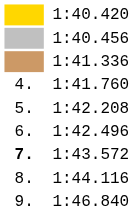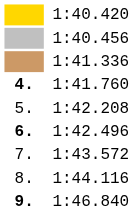 <table style="text-align:center">
 <tr>
 <td width=30 bgcolor=gold></td>
 <td align=left></td>
 <td width=60>1:40.420</td>
 </tr>
 <tr>
 <td bgcolor=silver></td>
 <td align=left></td>
 <td>1:40.456</td>
 </tr>
 <tr>
 <td bgcolor=cc9966></td>
 <td align=left></td>
 <td>1:41.336</td>
 </tr>
 <tr>
-<td>4.</td>
+<td><strong>4.</strong></td>
 <td align=left></td>
 <td>1:41.760</td>
 </tr>
 <tr>
 <td>5.</td>
 <td align=left></td>
 <td>1:42.208</td>
 </tr>
 <tr>
-<td>6.</td>
+<td><strong>6.</strong></td>
 <td align=left></td>
 <td>1:42.496</td>
 </tr>
 <tr>
-<td><strong>7.</strong></td>
+<td>7.</td>
 <td align=left></td>
 <td>1:43.572</td>
 </tr>
 <tr>
 <td>8.</td>
 <td align=left></td>
 <td>1:44.116</td>
 </tr>
 <tr>
-<td>9.</td>
+<td><strong>9.</strong></td>
 <td align=left></td>
 <td>1:46.840</td>
 </tr>
 </table>
